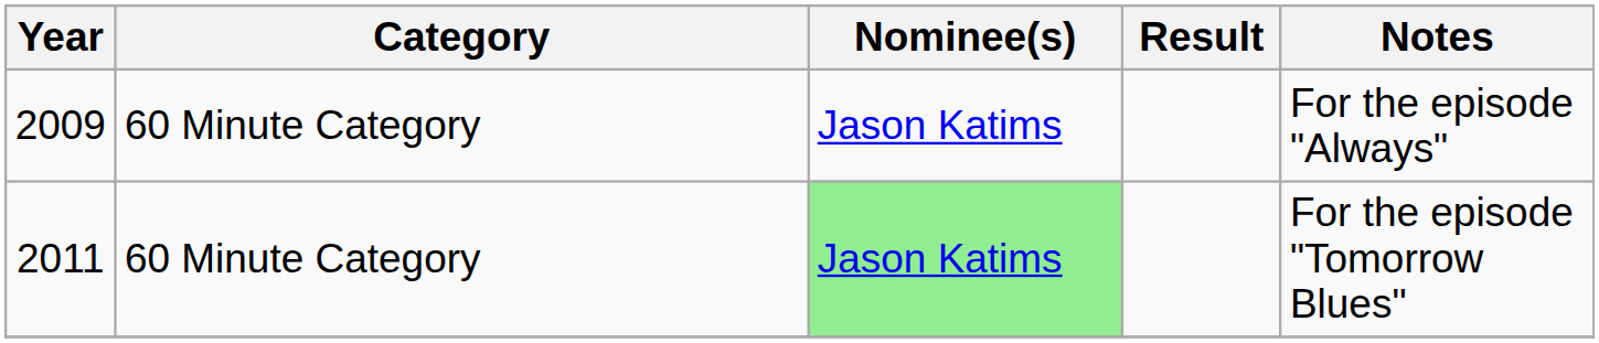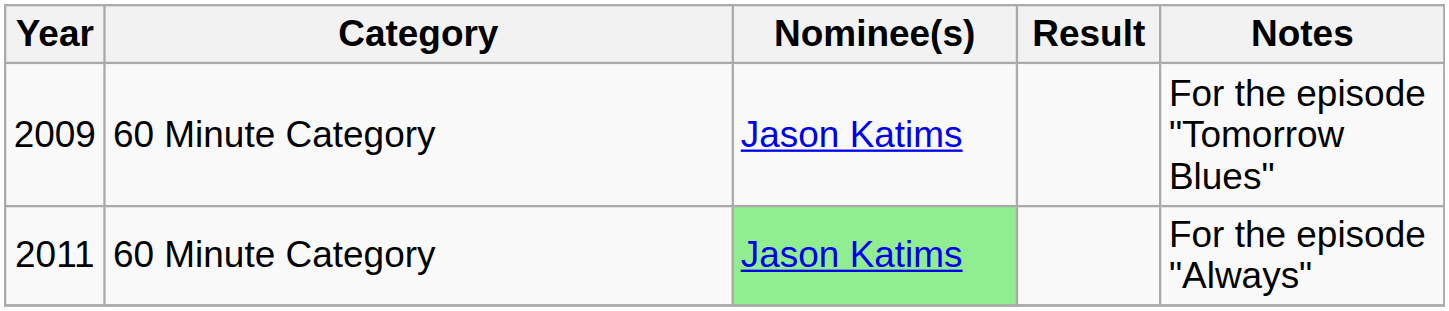 <table class="wikitable" width="100%" cellpadding="5">
 <tr>
 <th width="5%">Year</th>
 <th width="45%">Category</th>
 <th width="20%">Nominee(s)</th>
 <th width="10%">Result</th>
 <th width="20%">Notes</th>
 </tr>
 <tr>
 <td style="text-align:center;">2009</td>
 <td>60 Minute Category</td>
 <td><a href='#'>Jason Katims</a></td>
 <td></td>
-<td>For the episode "Always"</td>
+<td>For the episode "Tomorrow Blues"</td>
 </tr>
 <tr>
 <td style="text-align:center;">2011</td>
 <td>60 Minute Category</td>
 <td style="background: lightgreen;"><a href='#'>Jason Katims</a></td>
 <td></td>
-<td>For the episode "Tomorrow Blues"</td>
+<td>For the episode "Always"</td>
 </tr>
 <tr>
 </tr>
 </table>
